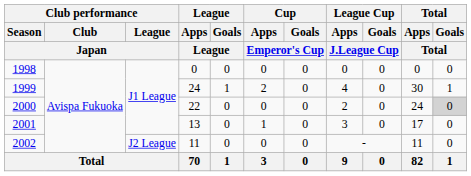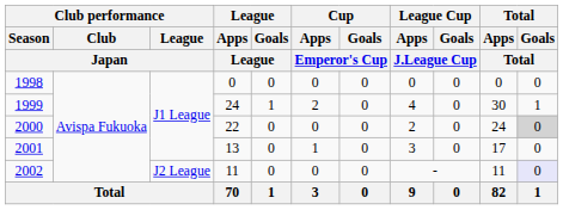 <table class="wikitable" style="text-align:center;">
 <tr>
 <th colspan=3>Club performance</th>
 <th colspan=2>League</th>
 <th colspan=2>Cup</th>
 <th colspan=2>League Cup</th>
 <th colspan=2>Total</th>
 </tr>
 <tr>
 <th>Season</th>
 <th>Club</th>
 <th>League</th>
 <th>Apps</th>
 <th>Goals</th>
 <th>Apps</th>
 <th>Goals</th>
 <th>Apps</th>
 <th>Goals</th>
 <th>Apps</th>
 <th>Goals</th>
 </tr>
 <tr>
 <th colspan=3>Japan</th>
 <th colspan=2>League</th>
 <th colspan=2><a href='#'>Emperor's Cup</a></th>
 <th colspan=2><a href='#'>J.League Cup</a></th>
 <th colspan=2>Total</th>
 </tr>
 <tr>
 <td><a href='#'>1998</a></td>
 <td rowspan="5"><a href='#'>Avispa Fukuoka</a></td>
 <td rowspan="4"><a href='#'>J1 League</a></td>
 <td>0</td>
 <td>0</td>
 <td>0</td>
 <td>0</td>
 <td>0</td>
 <td>0</td>
 <td>0</td>
 <td>0</td>
 </tr>
 <tr>
 <td><a href='#'>1999</a></td>
 <td>24</td>
 <td>1</td>
 <td>2</td>
 <td>0</td>
 <td>4</td>
 <td>0</td>
 <td>30</td>
 <td>1</td>
 </tr>
 <tr>
 <td><a href='#'>2000</a></td>
 <td>22</td>
 <td>0</td>
 <td>0</td>
 <td>0</td>
 <td>2</td>
 <td>0</td>
 <td>24</td>
 <td style="background: lightgrey;">0</td>
 </tr>
 <tr>
 <td><a href='#'>2001</a></td>
 <td>13</td>
 <td>0</td>
 <td>1</td>
 <td>0</td>
 <td>3</td>
 <td>0</td>
 <td>17</td>
 <td>0</td>
 </tr>
 <tr>
 <td><a href='#'>2002</a></td>
 <td><a href='#'>J2 League</a></td>
 <td>11</td>
 <td>0</td>
 <td>0</td>
 <td>0</td>
 <td colspan="2">-</td>
 <td>11</td>
-<td>0</td>
+<td style="background: lavender;">0</td>
 </tr>
 <tr>
 <th colspan=3>Total</th>
 <th>70</th>
 <th>1</th>
 <th>3</th>
 <th>0</th>
 <th>9</th>
 <th>0</th>
 <th>82</th>
 <th>1</th>
 </tr>
 </table>
